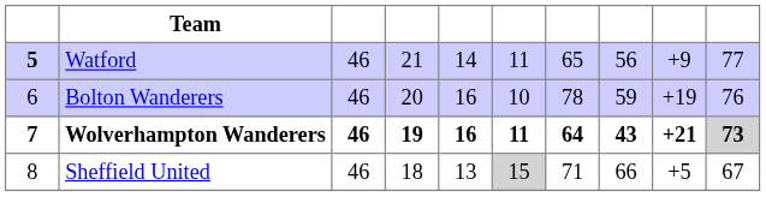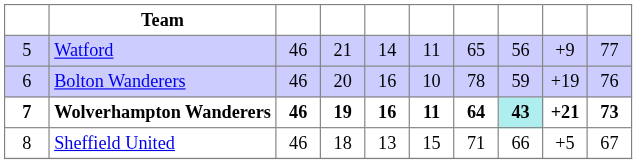 <table class="toccolours" border="1" cellpadding="4" cellspacing="0" style="text-align:center; border-collapse: collapse; margin:0;">
 <tr>
 <th width=30></th>
 <th>Team</th>
 <th width="30"></th>
 <th width="30"></th>
 <th width="30"></th>
 <th width="30"></th>
 <th width="30"></th>
 <th width="30"></th>
 <th width="30"></th>
 <th width="30"></th>
 </tr>
 <tr bgcolor="#ccccff">
-<td><strong>5</strong></td>
+<td>5</td>
 <td align=left><a href='#'>Watford</a></td>
 <td>46</td>
 <td>21</td>
 <td>14</td>
 <td>11</td>
 <td>65</td>
 <td>56</td>
 <td>+9</td>
 <td>77</td>
 </tr>
 <tr bgcolor="#ccccff">
 <td>6</td>
 <td align=left><a href='#'>Bolton Wanderers</a></td>
 <td>46</td>
 <td>20</td>
 <td>16</td>
 <td>10</td>
 <td>78</td>
 <td>59</td>
 <td>+19</td>
 <td>76</td>
 </tr>
 <tr>
 <td><strong>7</strong></td>
 <td align=left><strong>Wolverhampton Wanderers</strong></td>
 <td><strong>46</strong></td>
 <td><strong>19</strong></td>
 <td><strong>16</strong></td>
 <td><strong>11</strong></td>
 <td><strong>64</strong></td>
-<td><strong>43</strong></td>
+<td style="background: paleturquoise;"><strong>43</strong></td>
 <td><strong>+21</strong></td>
-<td style="background: lightgrey;"><strong>73</strong></td>
+<td><strong>73</strong></td>
 </tr>
 <tr>
 <td>8</td>
 <td align=left><a href='#'>Sheffield United</a></td>
 <td>46</td>
 <td>18</td>
 <td>13</td>
-<td style="background: lightgrey;">15</td>
+<td>15</td>
 <td>71</td>
 <td>66</td>
 <td>+5</td>
 <td>67</td>
 </tr>
 <tr>
 </tr>
 </table>
